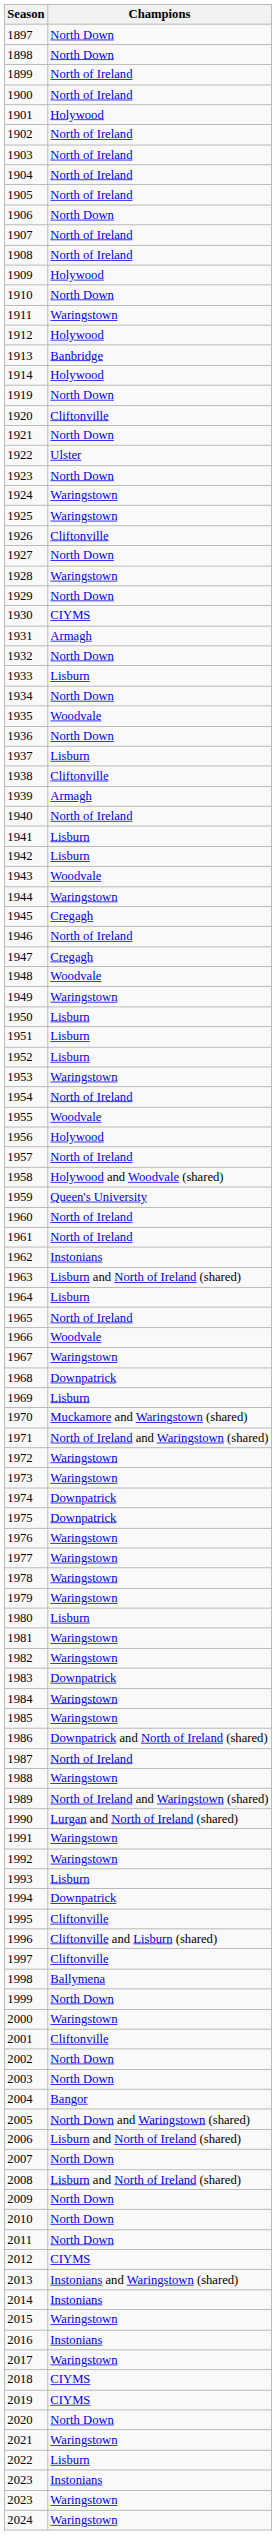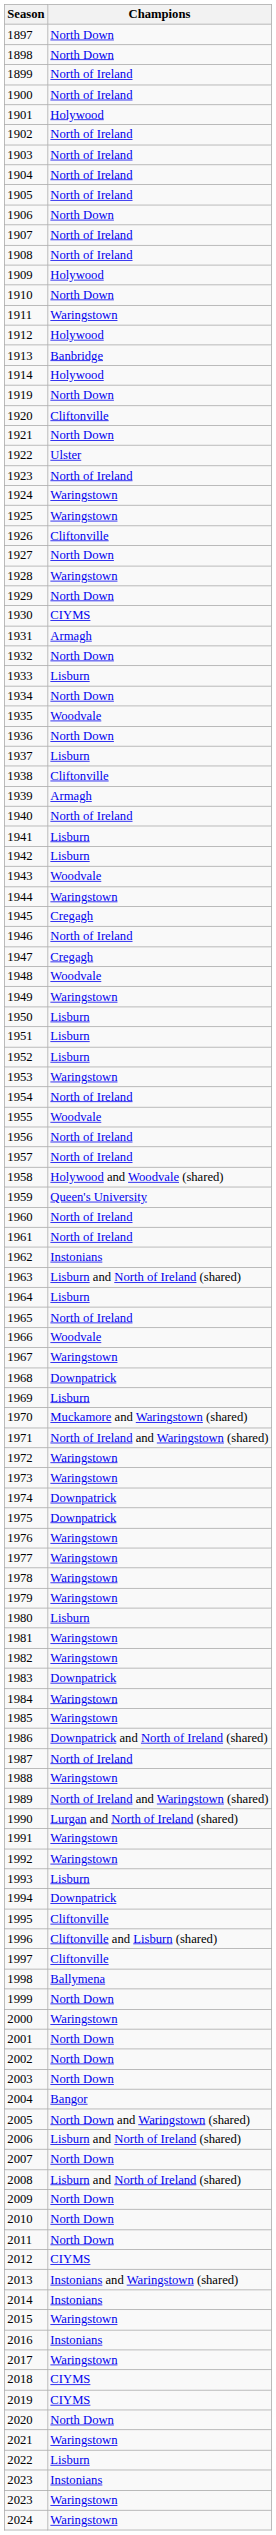 <table class="wikitable">
 <tr>
 <th>Season</th>
 <th>Champions</th>
 </tr>
 <tr>
 <td>1897</td>
 <td><a href='#'>North Down</a></td>
 </tr>
 <tr>
 <td>1898</td>
 <td><a href='#'>North Down</a></td>
 </tr>
 <tr>
 <td>1899</td>
 <td><a href='#'>North of Ireland</a></td>
 </tr>
 <tr>
 <td>1900</td>
 <td><a href='#'>North of Ireland</a></td>
 </tr>
 <tr>
 <td>1901</td>
 <td><a href='#'>Holywood</a></td>
 </tr>
 <tr>
 <td>1902</td>
 <td><a href='#'>North of Ireland</a></td>
 </tr>
 <tr>
 <td>1903</td>
 <td><a href='#'>North of Ireland</a></td>
 </tr>
 <tr>
 <td>1904</td>
 <td><a href='#'>North of Ireland</a></td>
 </tr>
 <tr>
 <td>1905</td>
 <td><a href='#'>North of Ireland</a></td>
 </tr>
 <tr>
 <td>1906</td>
 <td><a href='#'>North Down</a></td>
 </tr>
 <tr>
 <td>1907</td>
 <td><a href='#'>North of Ireland</a></td>
 </tr>
 <tr>
 <td>1908</td>
 <td><a href='#'>North of Ireland</a></td>
 </tr>
 <tr>
 <td>1909</td>
 <td><a href='#'>Holywood</a></td>
 </tr>
 <tr>
 <td>1910</td>
 <td><a href='#'>North Down</a></td>
 </tr>
 <tr>
 <td>1911</td>
 <td><a href='#'>Waringstown</a></td>
 </tr>
 <tr>
 <td>1912</td>
 <td><a href='#'>Holywood</a></td>
 </tr>
 <tr>
 <td>1913</td>
 <td><a href='#'>Banbridge</a></td>
 </tr>
 <tr>
 <td>1914</td>
 <td><a href='#'>Holywood</a></td>
 </tr>
 <tr>
 <td>1919</td>
 <td><a href='#'>North Down</a></td>
 </tr>
 <tr>
 <td>1920</td>
 <td><a href='#'>Cliftonville</a></td>
 </tr>
 <tr>
 <td>1921</td>
 <td><a href='#'>North Down</a></td>
 </tr>
 <tr>
 <td>1922</td>
 <td><a href='#'>Ulster</a></td>
 </tr>
 <tr>
 <td>1923</td>
-<td><a href='#'>North Down</a></td>
+<td><a href='#'>North of Ireland</a></td>
 </tr>
 <tr>
 <td>1924</td>
 <td><a href='#'>Waringstown</a></td>
 </tr>
 <tr>
 <td>1925</td>
 <td><a href='#'>Waringstown</a></td>
 </tr>
 <tr>
 <td>1926</td>
 <td><a href='#'>Cliftonville</a></td>
 </tr>
 <tr>
 <td>1927</td>
 <td><a href='#'>North Down</a></td>
 </tr>
 <tr>
 <td>1928</td>
 <td><a href='#'>Waringstown</a></td>
 </tr>
 <tr>
 <td>1929</td>
 <td><a href='#'>North Down</a></td>
 </tr>
 <tr>
 <td>1930</td>
 <td><a href='#'>CIYMS</a></td>
 </tr>
 <tr>
 <td>1931</td>
 <td><a href='#'>Armagh</a></td>
 </tr>
 <tr>
 <td>1932</td>
 <td><a href='#'>North Down</a></td>
 </tr>
 <tr>
 <td>1933</td>
 <td><a href='#'>Lisburn</a></td>
 </tr>
 <tr>
 <td>1934</td>
 <td><a href='#'>North Down</a></td>
 </tr>
 <tr>
 <td>1935</td>
 <td><a href='#'>Woodvale</a></td>
 </tr>
 <tr>
 <td>1936</td>
 <td><a href='#'>North Down</a></td>
 </tr>
 <tr>
 <td>1937</td>
 <td><a href='#'>Lisburn</a></td>
 </tr>
 <tr>
 <td>1938</td>
 <td><a href='#'>Cliftonville</a></td>
 </tr>
 <tr>
 <td>1939</td>
 <td><a href='#'>Armagh</a></td>
 </tr>
 <tr>
 <td>1940</td>
 <td><a href='#'>North of Ireland</a></td>
 </tr>
 <tr>
 <td>1941</td>
 <td><a href='#'>Lisburn</a></td>
 </tr>
 <tr>
 <td>1942</td>
 <td><a href='#'>Lisburn</a></td>
 </tr>
 <tr>
 <td>1943</td>
 <td><a href='#'>Woodvale</a></td>
 </tr>
 <tr>
 <td>1944</td>
 <td><a href='#'>Waringstown</a></td>
 </tr>
 <tr>
 <td>1945</td>
 <td><a href='#'>Cregagh</a></td>
 </tr>
 <tr>
 <td>1946</td>
 <td><a href='#'>North of Ireland</a></td>
 </tr>
 <tr>
 <td>1947</td>
 <td><a href='#'>Cregagh</a></td>
 </tr>
 <tr>
 <td>1948</td>
 <td><a href='#'>Woodvale</a></td>
 </tr>
 <tr>
 <td>1949</td>
 <td><a href='#'>Waringstown</a></td>
 </tr>
 <tr>
 <td>1950</td>
 <td><a href='#'>Lisburn</a></td>
 </tr>
 <tr>
 <td>1951</td>
 <td><a href='#'>Lisburn</a></td>
 </tr>
 <tr>
 <td>1952</td>
 <td><a href='#'>Lisburn</a></td>
 </tr>
 <tr>
 <td>1953</td>
 <td><a href='#'>Waringstown</a></td>
 </tr>
 <tr>
 <td>1954</td>
 <td><a href='#'>North of Ireland</a></td>
 </tr>
 <tr>
 <td>1955</td>
 <td><a href='#'>Woodvale</a></td>
 </tr>
 <tr>
 <td>1956</td>
-<td><a href='#'>Holywood</a></td>
+<td><a href='#'>North of Ireland</a></td>
 </tr>
 <tr>
 <td>1957</td>
 <td><a href='#'>North of Ireland</a></td>
 </tr>
 <tr>
 <td>1958</td>
 <td><a href='#'>Holywood</a> and <a href='#'>Woodvale</a> (shared)</td>
 </tr>
 <tr>
 <td>1959</td>
 <td><a href='#'>Queen's University</a></td>
 </tr>
 <tr>
 <td>1960</td>
 <td><a href='#'>North of Ireland</a></td>
 </tr>
 <tr>
 <td>1961</td>
 <td><a href='#'>North of Ireland</a></td>
 </tr>
 <tr>
 <td>1962</td>
 <td><a href='#'>Instonians</a></td>
 </tr>
 <tr>
 <td>1963</td>
 <td><a href='#'>Lisburn</a> and <a href='#'>North of Ireland</a> (shared)</td>
 </tr>
 <tr>
 <td>1964</td>
 <td><a href='#'>Lisburn</a></td>
 </tr>
 <tr>
 <td>1965</td>
 <td><a href='#'>North of Ireland</a></td>
 </tr>
 <tr>
 <td>1966</td>
 <td><a href='#'>Woodvale</a></td>
 </tr>
 <tr>
 <td>1967</td>
 <td><a href='#'>Waringstown</a></td>
 </tr>
 <tr>
 <td>1968</td>
 <td><a href='#'>Downpatrick</a></td>
 </tr>
 <tr>
 <td>1969</td>
 <td><a href='#'>Lisburn</a></td>
 </tr>
 <tr>
 <td>1970</td>
 <td><a href='#'>Muckamore</a> and <a href='#'>Waringstown</a> (shared)</td>
 </tr>
 <tr>
 <td>1971</td>
 <td><a href='#'>North of Ireland</a> and <a href='#'>Waringstown</a> (shared)</td>
 </tr>
 <tr>
 <td>1972</td>
 <td><a href='#'>Waringstown</a></td>
 </tr>
 <tr>
 <td>1973</td>
 <td><a href='#'>Waringstown</a></td>
 </tr>
 <tr>
 <td>1974</td>
 <td><a href='#'>Downpatrick</a></td>
 </tr>
 <tr>
 <td>1975</td>
 <td><a href='#'>Downpatrick</a></td>
 </tr>
 <tr>
 <td>1976</td>
 <td><a href='#'>Waringstown</a></td>
 </tr>
 <tr>
 <td>1977</td>
 <td><a href='#'>Waringstown</a></td>
 </tr>
 <tr>
 <td>1978</td>
 <td><a href='#'>Waringstown</a></td>
 </tr>
 <tr>
 <td>1979</td>
 <td><a href='#'>Waringstown</a></td>
 </tr>
 <tr>
 <td>1980</td>
 <td><a href='#'>Lisburn</a></td>
 </tr>
 <tr>
 <td>1981</td>
 <td><a href='#'>Waringstown</a></td>
 </tr>
 <tr>
 <td>1982</td>
 <td><a href='#'>Waringstown</a></td>
 </tr>
 <tr>
 <td>1983</td>
 <td><a href='#'>Downpatrick</a></td>
 </tr>
 <tr>
 <td>1984</td>
 <td><a href='#'>Waringstown</a></td>
 </tr>
 <tr>
 <td>1985</td>
 <td><a href='#'>Waringstown</a></td>
 </tr>
 <tr>
 <td>1986</td>
 <td><a href='#'>Downpatrick</a> and <a href='#'>North of Ireland</a> (shared)</td>
 </tr>
 <tr>
 <td>1987</td>
 <td><a href='#'>North of Ireland</a></td>
 </tr>
 <tr>
 <td>1988</td>
 <td><a href='#'>Waringstown</a></td>
 </tr>
 <tr>
 <td>1989</td>
 <td><a href='#'>North of Ireland</a> and <a href='#'>Waringstown</a> (shared)</td>
 </tr>
 <tr>
 <td>1990</td>
 <td><a href='#'>Lurgan</a> and <a href='#'>North of Ireland</a> (shared)</td>
 </tr>
 <tr>
 <td>1991</td>
 <td><a href='#'>Waringstown</a></td>
 </tr>
 <tr>
 <td>1992</td>
 <td><a href='#'>Waringstown</a></td>
 </tr>
 <tr>
 <td>1993</td>
 <td><a href='#'>Lisburn</a></td>
 </tr>
 <tr>
 <td>1994</td>
 <td><a href='#'>Downpatrick</a></td>
 </tr>
 <tr>
 <td>1995</td>
 <td><a href='#'>Cliftonville</a></td>
 </tr>
 <tr>
 <td>1996</td>
 <td><a href='#'>Cliftonville</a> and <a href='#'>Lisburn</a> (shared)</td>
 </tr>
 <tr>
 <td>1997</td>
 <td><a href='#'>Cliftonville</a></td>
 </tr>
 <tr>
 <td>1998</td>
 <td><a href='#'>Ballymena</a></td>
 </tr>
 <tr>
 <td>1999</td>
 <td><a href='#'>North Down</a></td>
 </tr>
 <tr>
 <td>2000</td>
 <td><a href='#'>Waringstown</a></td>
 </tr>
 <tr>
 <td>2001</td>
-<td><a href='#'>Cliftonville</a></td>
+<td><a href='#'>North Down</a></td>
 </tr>
 <tr>
 <td>2002</td>
 <td><a href='#'>North Down</a></td>
 </tr>
 <tr>
 <td>2003</td>
 <td><a href='#'>North Down</a></td>
 </tr>
 <tr>
 <td>2004</td>
 <td><a href='#'>Bangor</a></td>
 </tr>
 <tr>
 <td>2005</td>
 <td><a href='#'>North Down</a> and <a href='#'>Waringstown</a> (shared)</td>
 </tr>
 <tr>
 <td>2006</td>
 <td><a href='#'>Lisburn</a> and <a href='#'>North of Ireland</a> (shared)</td>
 </tr>
 <tr>
 <td>2007</td>
 <td><a href='#'>North Down</a></td>
 </tr>
 <tr>
 <td>2008</td>
 <td><a href='#'>Lisburn</a> and <a href='#'>North of Ireland</a> (shared)</td>
 </tr>
 <tr>
 <td>2009</td>
 <td><a href='#'>North Down</a></td>
 </tr>
 <tr>
 <td>2010</td>
 <td><a href='#'>North Down</a></td>
 </tr>
 <tr>
 <td>2011</td>
 <td><a href='#'>North Down</a></td>
 </tr>
 <tr>
 <td>2012</td>
 <td><a href='#'>CIYMS</a></td>
 </tr>
 <tr>
 <td>2013</td>
 <td><a href='#'>Instonians</a> and <a href='#'>Waringstown</a> (shared)</td>
 </tr>
 <tr>
 <td>2014</td>
 <td><a href='#'>Instonians</a></td>
 </tr>
 <tr>
 <td>2015</td>
 <td><a href='#'>Waringstown</a></td>
 </tr>
 <tr>
 <td>2016</td>
 <td><a href='#'>Instonians</a></td>
 </tr>
 <tr>
 <td>2017</td>
 <td><a href='#'>Waringstown</a></td>
 </tr>
 <tr>
 <td>2018</td>
 <td><a href='#'>CIYMS</a></td>
 </tr>
 <tr>
 <td>2019</td>
 <td><a href='#'>CIYMS</a></td>
 </tr>
 <tr>
 <td>2020</td>
 <td><a href='#'>North Down</a></td>
 </tr>
 <tr>
 <td>2021</td>
 <td><a href='#'>Waringstown</a></td>
 </tr>
 <tr>
 <td>2022</td>
 <td><a href='#'>Lisburn</a></td>
 </tr>
 <tr>
 <td>2023</td>
 <td><a href='#'>Instonians</a></td>
 </tr>
 <tr>
 <td>2023</td>
 <td><a href='#'>Waringstown</a></td>
 </tr>
 <tr>
 <td>2024</td>
 <td><a href='#'>Waringstown</a></td>
 </tr>
 </table>
